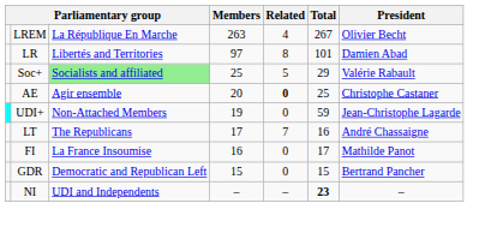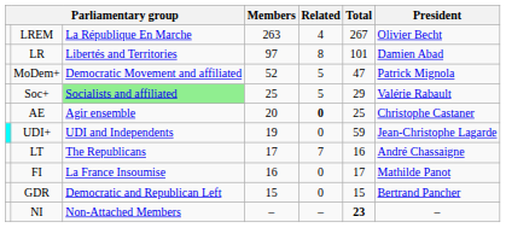 <table class="wikitable" style="font-size:95%;text-align:center;">
 <tr style="background-color:#E9E9E9;">
 <th colspan="3">Parliamentary group</th>
 <th>Members</th>
 <th>Related</th>
 <th>Total</th>
 <th>President</th>
 </tr>
 <tr>
 <td style="background:"></td>
 <td>LREM</td>
 <td style="text-align:left;"><a href='#'>La République En Marche</a></td>
 <td>263</td>
 <td>4</td>
 <td>267</td>
 <td style="text-align:left;"><a href='#'>Olivier Becht</a></td>
 </tr>
 <tr>
 <td style="background:"></td>
 <td>LR</td>
 <td style="text-align:left;"><a href='#'>Libertés and Territories</a></td>
 <td>97</td>
 <td>8</td>
 <td>101</td>
 <td style="text-align:left;"><a href='#'>Damien Abad</a></td>
 </tr>
 <tr>
 <td style="background:"></td>
+<td>MoDem+</td>
+<td style="text-align:left;"><a href='#'>Democratic Movement and affiliated</a></td>
+<td>52</td>
+<td>5</td>
+<td>47</td>
+<td style="text-align:left;"><a href='#'>Patrick Mignola</a></td>
+</tr>
+<tr>
+<td style="background:"></td>
 <td>Soc+</td>
 <td style="background: lightgreen; text-align:left;"><a href='#'>Socialists and affiliated</a></td>
 <td>25</td>
 <td>5</td>
 <td>29</td>
 <td style="text-align:left;"><a href='#'>Valérie Rabault</a></td>
 </tr>
 <tr>
 <td style="background:"></td>
 <td>AE</td>
 <td style="text-align:left;"><a href='#'>Agir ensemble</a></td>
 <td>20</td>
 <td><strong>0</strong></td>
 <td>25</td>
 <td style="text-align:left;"><a href='#'>Christophe Castaner</a></td>
 </tr>
 <tr>
 <td style="background:#00FFFF;"></td>
 <td>UDI+</td>
-<td style="text-align:left;"><a href='#'>Non-Attached Members</a></td>
+<td style="text-align:left;"><a href='#'>UDI and Independents</a></td>
 <td>19</td>
 <td>0</td>
 <td>59</td>
 <td style="text-align:left;"><a href='#'>Jean-Christophe Lagarde</a></td>
 </tr>
 <tr>
 <td style="background:"></td>
 <td>LT</td>
 <td style="text-align:left;"><a href='#'>The Republicans</a></td>
 <td>17</td>
 <td>7</td>
 <td>16</td>
 <td style="text-align:left;"><a href='#'>André Chassaigne</a></td>
 </tr>
 <tr>
 <td style="background:"></td>
 <td>FI</td>
 <td style="text-align:left;"><a href='#'>La France Insoumise</a></td>
 <td>16</td>
 <td>0</td>
 <td>17</td>
 <td style="text-align:left;"><a href='#'>Mathilde Panot</a></td>
 </tr>
 <tr>
 <td style="background:"></td>
 <td>GDR</td>
 <td style="text-align:left;"><a href='#'>Democratic and Republican Left</a></td>
 <td>15</td>
 <td>0</td>
 <td>15</td>
 <td style="text-align:left;"><a href='#'>Bertrand Pancher</a></td>
 </tr>
 <tr>
 <td style="background:"></td>
 <td>NI</td>
-<td style="text-align:left;"><a href='#'>UDI and Independents</a></td>
+<td style="text-align:left;"><a href='#'>Non-Attached Members</a></td>
 <td>–</td>
 <td>–</td>
 <td><strong>23</strong></td>
 <td>–</td>
 </tr>
 </table>
